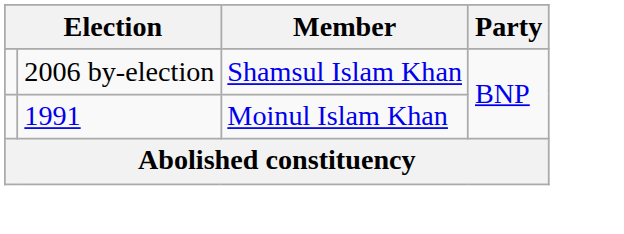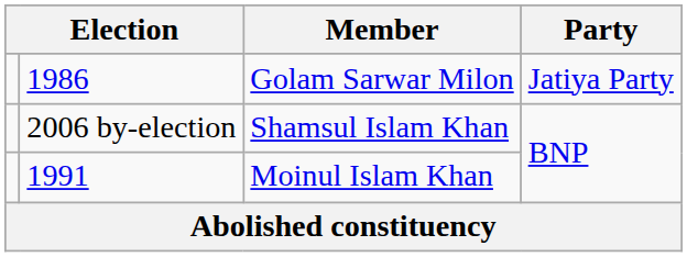 <table class="wikitable">
 <tr>
 <th colspan="2">Election</th>
 <th>Member</th>
 <th>Party</th>
+</tr>
+<tr>
+<td style="background-color:"></td>
+<td><a href='#'>1986</a></td>
+<td><a href='#'>Golam Sarwar Milon</a></td>
+<td><a href='#'>Jatiya Party</a></td>
 </tr>
 <tr>
 <td style="background-color:"></td>
 <td>2006 by-election</td>
 <td><a href='#'>Shamsul Islam Khan</a></td>
 <td rowspan="2"><a href='#'>BNP</a></td>
 </tr>
 <tr>
 <td style="background-color:"></td>
 <td><a href='#'>1991</a></td>
 <td><a href='#'>Moinul Islam Khan</a></td>
 </tr>
 <tr>
 <th colspan="4">Abolished constituency</th>
 </tr>
 </table>
